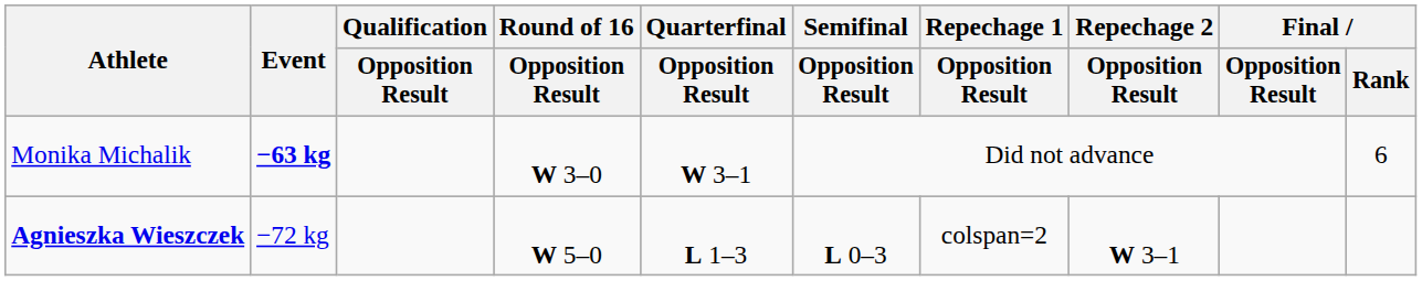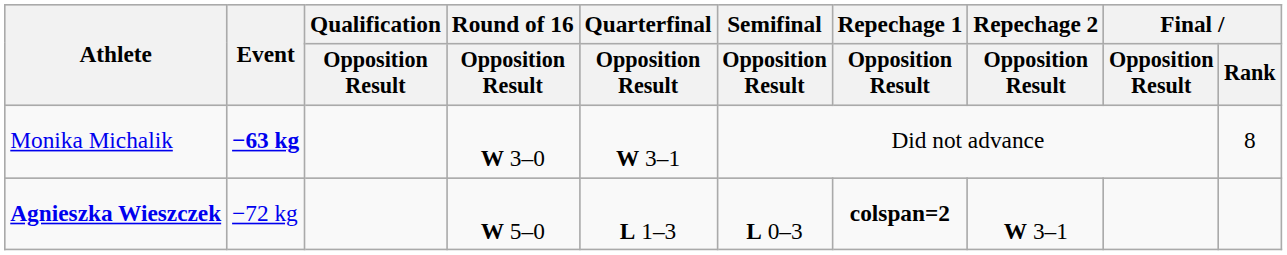 <table class="wikitable" style="font-size:90%">
 <tr>
 <th rowspan="2">Athlete</th>
 <th rowspan="2">Event</th>
 <th>Qualification</th>
 <th>Round of 16</th>
 <th>Quarterfinal</th>
 <th>Semifinal</th>
 <th>Repechage 1</th>
 <th>Repechage 2</th>
 <th colspan=2>Final / </th>
 </tr>
 <tr style="font-size: 95%">
 <th>Opposition<br>Result</th>
 <th>Opposition<br>Result</th>
 <th>Opposition<br>Result</th>
 <th>Opposition<br>Result</th>
 <th>Opposition<br>Result</th>
 <th>Opposition<br>Result</th>
 <th>Opposition<br>Result</th>
 <th>Rank</th>
 </tr>
 <tr align=center>
 <td align=left><a href='#'>Monika Michalik</a></td>
 <td align=left><strong><a href='#'>−63 kg</a></strong></td>
 <td></td>
 <td><br><strong>W</strong> 3–0 <sup></sup></td>
 <td><br><strong>W</strong> 3–1 <sup></sup></td>
 <td colspan=4>Did not advance</td>
-<td>6</td>
+<td>8</td>
 </tr>
 <tr align=center>
 <td align=left><strong><a href='#'>Agnieszka Wieszczek</a></strong></td>
 <td align=left><a href='#'>−72 kg</a></td>
 <td></td>
 <td><br><strong>W</strong> 5–0 <sup></sup></td>
 <td><br><strong>L</strong> 1–3 <sup></sup></td>
 <td><br><strong>L</strong> 0–3 <sup></sup></td>
-<td>colspan=2 </td>
+<td><strong>colspan=2 </strong></td>
 <td><br><strong>W</strong> 3–1 <sup></sup></td>
 <td></td>
 </tr>
 </table>
